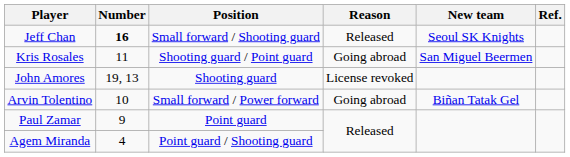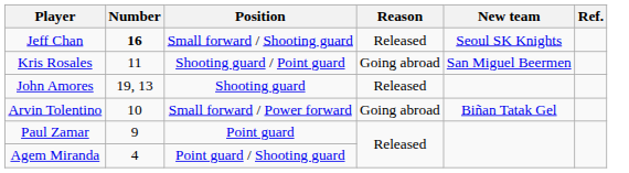 <table class="wikitable sortable sortable">
 <tr>
 <th>Player</th>
 <th>Number</th>
 <th>Position</th>
 <th>Reason</th>
 <th>New team</th>
 <th>Ref.</th>
 </tr>
 <tr style="text-align: center">
 <td><a href='#'>Jeff Chan</a></td>
 <td><strong>16</strong></td>
 <td><a href='#'>Small forward</a> / <a href='#'>Shooting guard</a></td>
 <td>Released</td>
 <td><a href='#'>Seoul SK Knights</a> </td>
 <td></td>
 </tr>
 <tr style="text-align: center">
 <td><a href='#'>Kris Rosales</a></td>
 <td>11</td>
 <td><a href='#'>Shooting guard</a> / <a href='#'>Point guard</a></td>
 <td>Going abroad</td>
 <td><a href='#'>San Miguel Beermen</a></td>
 <td></td>
 </tr>
 <tr style="text-align: center">
 <td><a href='#'>John Amores</a></td>
 <td>19, 13</td>
 <td><a href='#'>Shooting guard</a></td>
-<td>License revoked</td>
+<td>Released</td>
 <td></td>
 <td></td>
 </tr>
 <tr style="text-align: center">
 <td><a href='#'>Arvin Tolentino</a></td>
 <td>10</td>
 <td><a href='#'>Small forward</a> / <a href='#'>Power forward</a></td>
 <td>Going abroad</td>
 <td><a href='#'>Biñan Tatak Gel</a> </td>
 <td></td>
 </tr>
 <tr style="text-align: center">
 <td><a href='#'>Paul Zamar</a></td>
 <td>9</td>
 <td><a href='#'>Point guard</a></td>
 <td rowspan=2>Released</td>
 <td rowspan=2></td>
 <td rowspan=2></td>
 </tr>
 <tr style="text-align: center">
 <td><a href='#'>Agem Miranda</a></td>
 <td>4</td>
 <td><a href='#'>Point guard</a> / <a href='#'>Shooting guard</a></td>
 </tr>
 </table>
